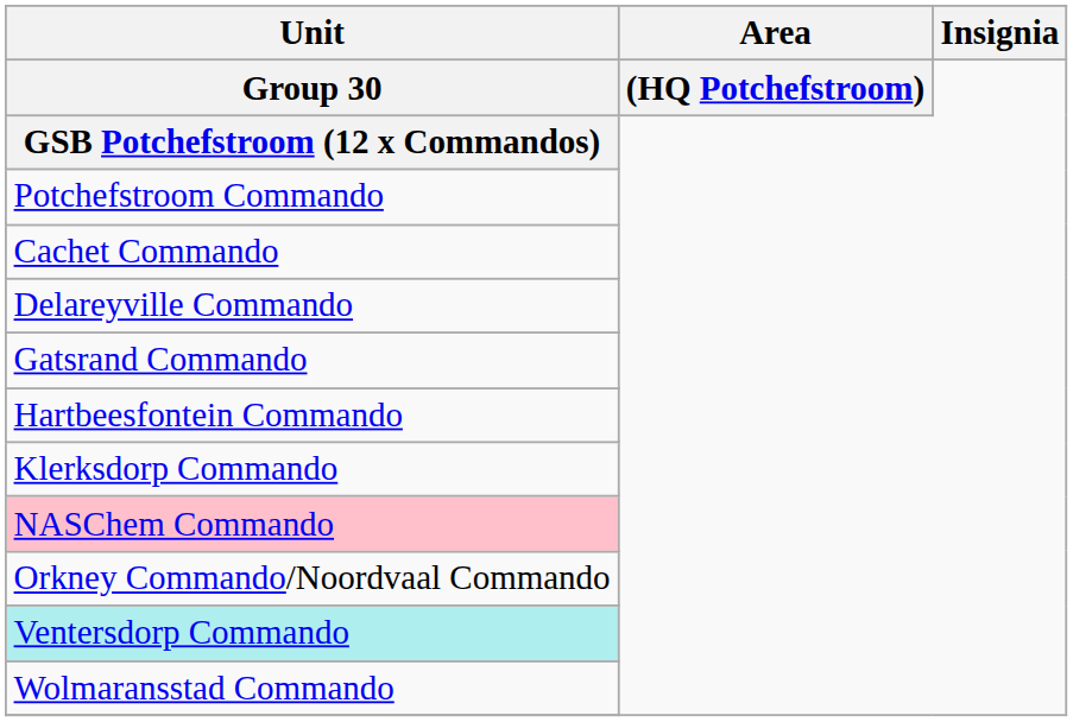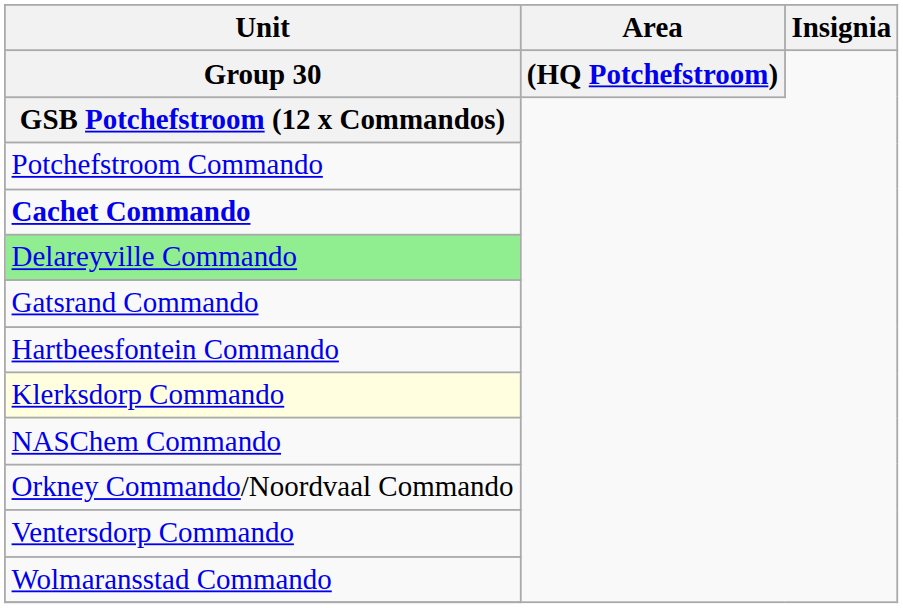 <table class="wikitable">
 <tr>
 <th>Unit</th>
 <th>Area</th>
 <th>Insignia</th>
 </tr>
 <tr>
 <th>Group 30</th>
 <th>(HQ <a href='#'>Potchefstroom</a>)</th>
 </tr>
 <tr>
 <th>GSB <a href='#'>Potchefstroom</a> (12 x Commandos)</th>
 </tr>
 <tr>
 <td><a href='#'>Potchefstroom Commando</a></td>
 </tr>
 <tr>
-<td><a href='#'>Cachet Commando</a></td>
+<td><strong><a href='#'>Cachet Commando</a></strong></td>
 </tr>
 <tr>
-<td><a href='#'>Delareyville Commando</a></td>
+<td style="background: lightgreen;"><a href='#'>Delareyville Commando</a></td>
 </tr>
 <tr>
 <td><a href='#'>Gatsrand Commando</a></td>
 </tr>
 <tr>
 <td><a href='#'>Hartbeesfontein Commando</a></td>
 </tr>
 <tr>
-<td><a href='#'>Klerksdorp Commando</a></td>
+<td style="background: lightyellow;"><a href='#'>Klerksdorp Commando</a></td>
 </tr>
 <tr>
-<td style="background: pink;"><a href='#'>NASChem Commando</a></td>
+<td><a href='#'>NASChem Commando</a></td>
 </tr>
 <tr>
 <td><a href='#'>Orkney Commando</a>/Noordvaal Commando</td>
 </tr>
 <tr>
-<td style="background: paleturquoise;"><a href='#'>Ventersdorp Commando</a></td>
+<td><a href='#'>Ventersdorp Commando</a></td>
 </tr>
 <tr>
 <td><a href='#'>Wolmaransstad Commando</a></td>
 </tr>
 <tr>
 </tr>
 </table>
